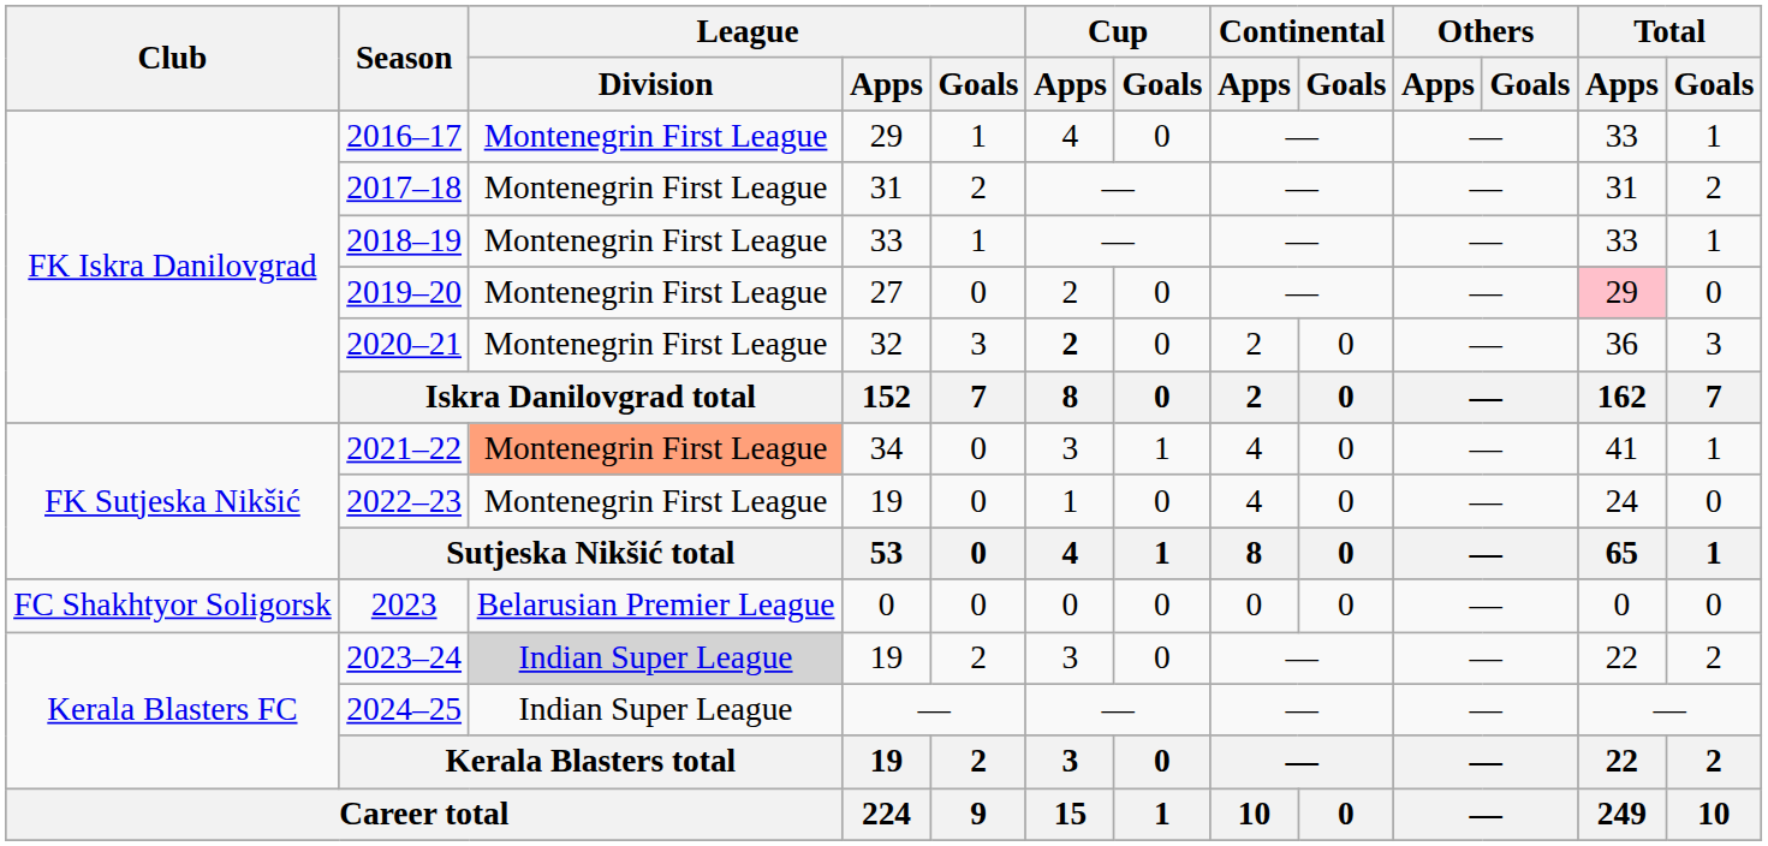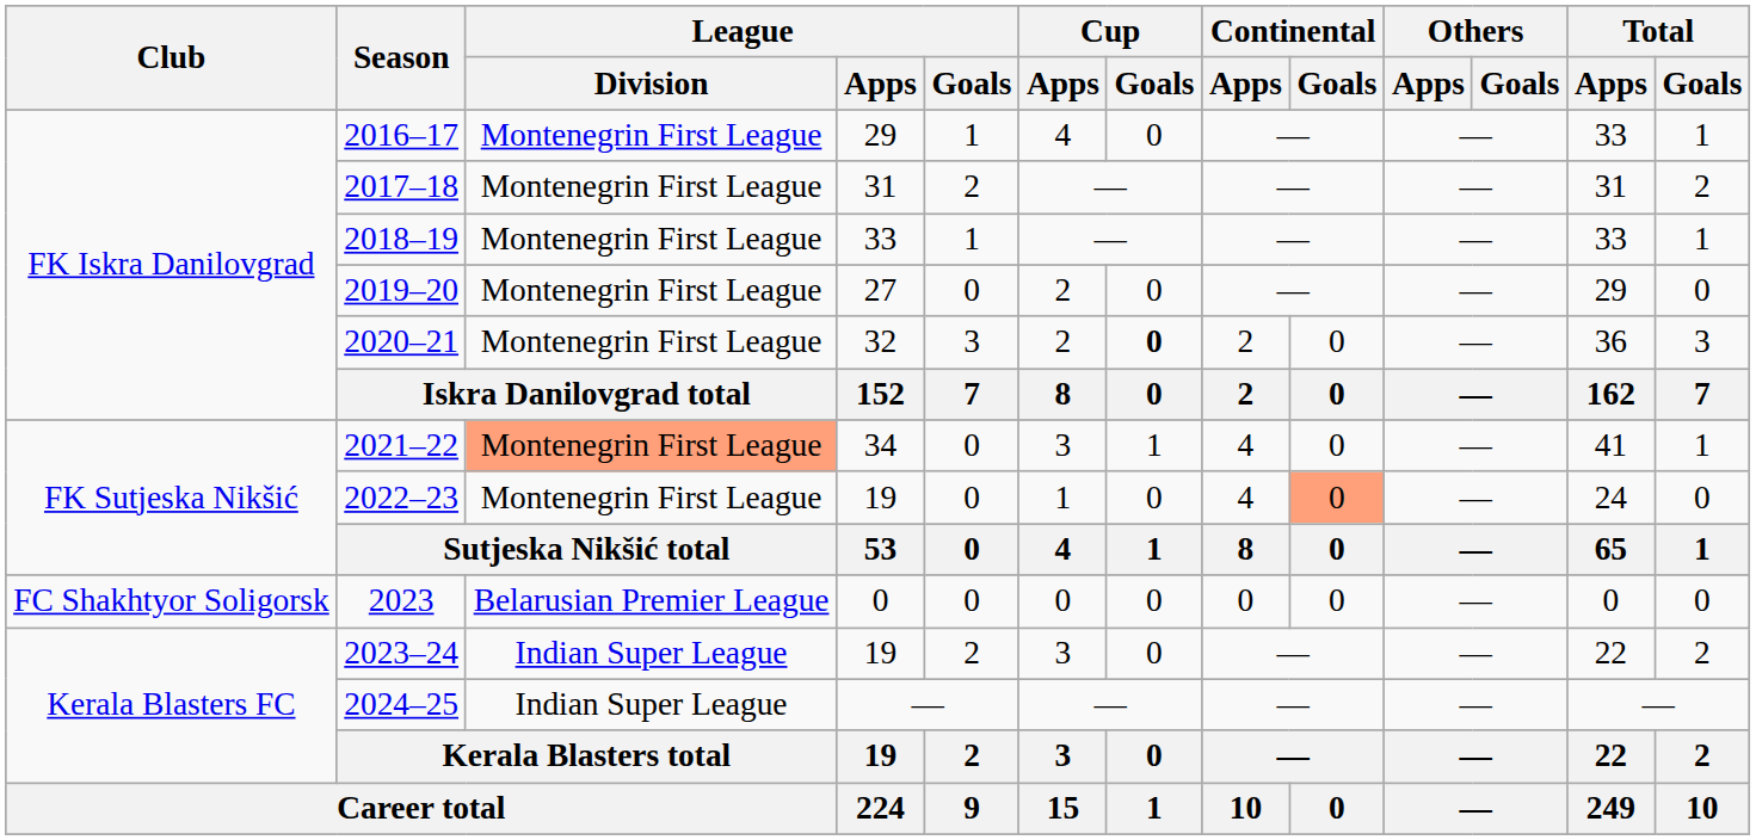 <table class="wikitable" style="text-align: center;">
 <tr>
 <th rowspan="2">Club</th>
 <th rowspan="2">Season</th>
 <th colspan="3">League</th>
 <th colspan="2">Cup</th>
 <th colspan="2">Continental</th>
 <th colspan="2">Others</th>
 <th colspan="2">Total</th>
 </tr>
 <tr>
 <th>Division</th>
 <th>Apps</th>
 <th>Goals</th>
 <th>Apps</th>
 <th>Goals</th>
 <th>Apps</th>
 <th>Goals</th>
 <th>Apps</th>
 <th>Goals</th>
 <th>Apps</th>
 <th>Goals</th>
 </tr>
 <tr>
 <td rowspan="6"><a href='#'>FK Iskra Danilovgrad</a></td>
 <td><a href='#'>2016–17</a></td>
 <td rowspan="1"><a href='#'>Montenegrin First League</a></td>
 <td>29</td>
 <td>1</td>
 <td>4</td>
 <td>0</td>
 <td colspan="2">—</td>
 <td colspan="2">—</td>
 <td>33</td>
 <td>1</td>
 </tr>
 <tr>
 <td><a href='#'>2017–18</a></td>
 <td rowspan="1">Montenegrin First League</td>
 <td>31</td>
 <td>2</td>
 <td colspan="2">—</td>
 <td colspan="2">—</td>
 <td colspan="2">—</td>
 <td>31</td>
 <td>2</td>
 </tr>
 <tr>
 <td><a href='#'>2018–19</a></td>
 <td rowspan="1">Montenegrin First League</td>
 <td>33</td>
 <td>1</td>
 <td colspan="2">—</td>
 <td colspan="2">—</td>
 <td colspan="2">—</td>
 <td>33</td>
 <td>1</td>
 </tr>
 <tr>
 <td><a href='#'>2019–20</a></td>
 <td rowspan="1">Montenegrin First League</td>
 <td>27</td>
 <td>0</td>
 <td>2</td>
 <td>0</td>
 <td colspan="2">—</td>
 <td colspan="2">—</td>
-<td style="background: pink;">29</td>
+<td>29</td>
 <td>0</td>
 </tr>
 <tr>
 <td><a href='#'>2020–21</a></td>
 <td rowspan="1">Montenegrin First League</td>
 <td>32</td>
 <td>3</td>
-<td><strong>2</strong></td>
-<td>0</td>
+<td>2</td>
+<td><strong>0</strong></td>
 <td>2</td>
 <td>0</td>
 <td colspan="2">—</td>
 <td>36</td>
 <td>3</td>
 </tr>
 <tr>
 <th colspan="2">Iskra Danilovgrad total</th>
 <th>152</th>
 <th>7</th>
 <th>8</th>
 <th>0</th>
 <th>2</th>
 <th>0</th>
 <th colspan="2">—</th>
 <th>162</th>
 <th>7</th>
 </tr>
 <tr>
 <td rowspan="3"><a href='#'>FK Sutjeska Nikšić</a></td>
 <td><a href='#'>2021–22</a></td>
 <td rowspan="1" style="background: lightsalmon;">Montenegrin First League</td>
 <td>34</td>
 <td>0</td>
 <td>3</td>
 <td>1</td>
 <td>4</td>
 <td>0</td>
 <td colspan="2">—</td>
 <td>41</td>
 <td>1</td>
 </tr>
 <tr>
 <td><a href='#'>2022–23</a></td>
 <td rowspan="1">Montenegrin First League</td>
 <td>19</td>
 <td>0</td>
 <td>1</td>
 <td>0</td>
 <td>4</td>
-<td>0</td>
+<td style="background: lightsalmon;">0</td>
 <td colspan="2">—</td>
 <td>24</td>
 <td>0</td>
 </tr>
 <tr>
 <th colspan="2">Sutjeska Nikšić total</th>
 <th>53</th>
 <th>0</th>
 <th>4</th>
 <th>1</th>
 <th>8</th>
 <th>0</th>
 <th colspan="2">—</th>
 <th>65</th>
 <th>1</th>
 </tr>
 <tr>
 <td><a href='#'>FC Shakhtyor Soligorsk</a></td>
 <td><a href='#'>2023</a></td>
 <td><a href='#'>Belarusian Premier League</a></td>
 <td>0</td>
 <td>0</td>
 <td>0</td>
 <td>0</td>
 <td>0</td>
 <td>0</td>
 <td colspan="2">—</td>
 <td>0</td>
 <td>0</td>
 </tr>
 <tr>
 <td rowspan="3"><a href='#'>Kerala Blasters FC</a></td>
 <td><a href='#'>2023–24</a></td>
-<td style="background: lightgrey;"><a href='#'>Indian Super League</a></td>
+<td><a href='#'>Indian Super League</a></td>
 <td>19</td>
 <td>2</td>
 <td>3</td>
 <td>0</td>
 <td colspan="2">—</td>
 <td colspan="2">—</td>
 <td>22</td>
 <td>2</td>
 </tr>
 <tr>
 <td><a href='#'>2024–25</a></td>
 <td>Indian Super League</td>
 <td colspan="2">—</td>
 <td colspan="2">—</td>
 <td colspan="2">—</td>
 <td colspan="2">—</td>
 <td colspan="2">—</td>
 </tr>
 <tr>
 <th colspan="2">Kerala Blasters total</th>
 <th>19</th>
 <th>2</th>
 <th>3</th>
 <th>0</th>
 <th colspan="2">—</th>
 <th colspan="2">—</th>
 <th>22</th>
 <th>2</th>
 </tr>
 <tr>
 <th colspan="3">Career total</th>
 <th>224</th>
 <th>9</th>
 <th>15</th>
 <th>1</th>
 <th>10</th>
 <th>0</th>
 <th colspan="2">—</th>
 <th>249</th>
 <th>10</th>
 </tr>
 </table>
